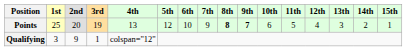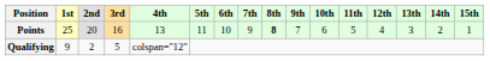 <table class="wikitable" style="font-size:85%; text-align:center">
 <tr>
 <th>Position</th>
 <td style="background:#ffffbf;"> <strong>1st</strong> </td>
 <td style="background:#dfdfdf;"> <strong>2nd</strong> </td>
 <td style="background:#ffdf9f;"> <strong>3rd</strong> </td>
 <td style="background:#dfffdf;"> <strong>4th</strong> </td>
 <td style="background:#dfffdf;"> <strong>5th</strong> </td>
 <td style="background:#dfffdf;"> <strong>6th</strong> </td>
 <td style="background:#dfffdf;"> <strong>7th</strong> </td>
 <td style="background:#dfffdf;"> <strong>8th</strong> </td>
 <td style="background:#dfffdf;"> <strong>9th</strong> </td>
 <td style="background:#dfffdf;"> <strong>10th</strong> </td>
 <td style="background:#dfffdf;"> <strong>11th</strong> </td>
 <td style="background:#dfffdf;"> <strong>12th</strong> </td>
 <td style="background:#dfffdf;"> <strong>13th</strong> </td>
 <td style="background:#dfffdf;"> <strong>14th</strong> </td>
 <td style="background:#dfffdf;"> <strong>15th</strong> </td>
 </tr>
 <tr>
 <th>Points</th>
 <td style="background:#ffffbf;">25</td>
 <td style="background:#dfdfdf;">20</td>
-<td style="background:#ffdf9f;">19</td>
+<td style="background:#ffdf9f;">16</td>
 <td style="background:#dfffdf;">13</td>
-<td style="background:#dfffdf;">12</td>
+<td style="background:#dfffdf;">11</td>
 <td style="background:#dfffdf;">10</td>
 <td style="background:#dfffdf;">9</td>
 <td style="background:#dfffdf;"><strong>8</strong></td>
-<td style="background:#dfffdf;"><strong>7</strong></td>
+<td style="background:#dfffdf;">7</td>
 <td style="background:#dfffdf;">6</td>
 <td style="background:#dfffdf;">5</td>
 <td style="background:#dfffdf;">4</td>
 <td style="background:#dfffdf;">3</td>
 <td style="background:#dfffdf;">2</td>
 <td style="background:#dfffdf;">1</td>
 </tr>
 <tr>
 <th>Qualifying</th>
-<td>3</td>
 <td>9</td>
-<td>1</td>
+<td>2</td>
+<td>5</td>
 <td>colspan="12" </td>
 </tr>
 </table>
